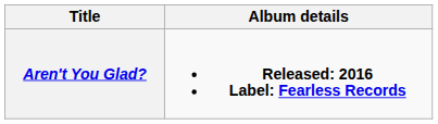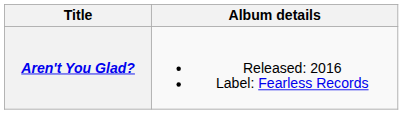 <table class="wikitable plainrowheaders" style="text-align:center;">
 <tr>
 <th scope="col" style="width:10em;">Title</th>
 <th scope="col" style="width:17em;">Album details</th>
 </tr>
 <tr>
 <th scope="row"><em><a href='#'>Aren't You Glad?</a></em></th>
-<td><strong><br><ul><li>Released: 2016</li><li>Label: <a href='#'>Fearless Records</a></li></ul></strong></td>
+<td><br><ul><li>Released: 2016</li><li>Label: <a href='#'>Fearless Records</a></li></ul></td>
 </tr>
 </table>
